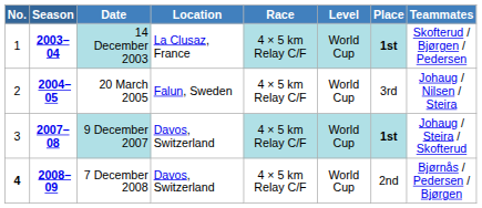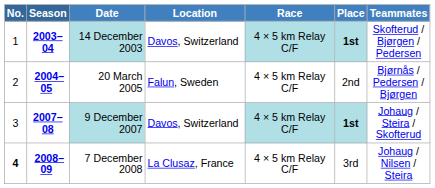 <table class="wikitable sortable" style="font-size:95%; text-align:center; border:grey solid 1px; border-collapse:collapse; background:#ffffff;">
 <tr style="background:#efefef;">
 <th style="background-color:#369; color:white;">No.</th>
 <th style="background-color:#369; color:white;">Season</th>
 <th style="background-color:#4180be; color:white; width:120px;">Date</th>
 <th style="background-color:#4180be; color:white; width:170px;">Location</th>
 <th style="background-color:#4180be; color:white; width:170px;">Race</th>
-<th style="background-color:#4180be; color:white; width:100px;">Level</th>
 <th style="background-color:#4180be; color:white;">Place</th>
 <th style="background-color:#4180be; color:white;">Teammates</th>
 </tr>
 <tr>
 <td align=center>1</td>
 <td rowspan=1 align=center><strong><a href='#'>2003–04</a></strong></td>
 <td bgcolor="#BOEOE6" align=right>14 December 2003</td>
-<td align=left> <a href='#'>La Clusaz</a>, France</td>
+<td align=left> <a href='#'>Davos</a>, Switzerland</td>
 <td bgcolor="#BOEOE6">4 × 5 km Relay C/F</td>
-<td bgcolor="#BOEOE6">World Cup</td>
 <td bgcolor="#BOEOE6"><strong>1st</strong></td>
 <td><a href='#'>Skofterud</a> / <a href='#'>Bjørgen</a> / <a href='#'>Pedersen</a></td>
 </tr>
 <tr>
 <td align=center>2</td>
 <td rowspan=1 align=center><strong> <a href='#'>2004–05</a> </strong></td>
 <td align=right>20 March 2005</td>
 <td align=left> <a href='#'>Falun</a>, Sweden</td>
 <td>4 × 5 km Relay C/F</td>
-<td>World Cup</td>
-<td>3rd</td>
-<td><a href='#'>Johaug</a> / <a href='#'>Nilsen</a> / <a href='#'>Steira</a></td>
+<td>2nd</td>
+<td><a href='#'>Bjørnås</a> / <a href='#'>Pedersen</a> / <a href='#'>Bjørgen</a></td>
 </tr>
 <tr>
 <td align=center>3</td>
 <td rowspan=1 align=center><strong><a href='#'>2007–08</a></strong></td>
 <td bgcolor="#BOEOE6" align=right>9 December 2007</td>
 <td align=left> <a href='#'>Davos</a>, Switzerland</td>
 <td bgcolor="#BOEOE6">4 × 5 km Relay C/F</td>
-<td bgcolor="#BOEOE6">World Cup</td>
 <td bgcolor="#BOEOE6"><strong>1st</strong></td>
 <td><a href='#'>Johaug</a> / <a href='#'>Steira</a> / <a href='#'>Skofterud</a></td>
 </tr>
 <tr>
 <td align=center><strong>4</strong></td>
 <td rowspan=1 align=center><strong> <a href='#'>2008–09</a> </strong></td>
 <td align=right>7 December 2008</td>
-<td align=left> <a href='#'>Davos</a>, Switzerland</td>
+<td align=left> <a href='#'>La Clusaz</a>, France</td>
 <td>4 × 5 km Relay C/F</td>
-<td>World Cup</td>
-<td>2nd</td>
-<td><a href='#'>Bjørnås</a> / <a href='#'>Pedersen</a> / <a href='#'>Bjørgen</a></td>
+<td>3rd</td>
+<td><a href='#'>Johaug</a> / <a href='#'>Nilsen</a> / <a href='#'>Steira</a></td>
 </tr>
 </table>
